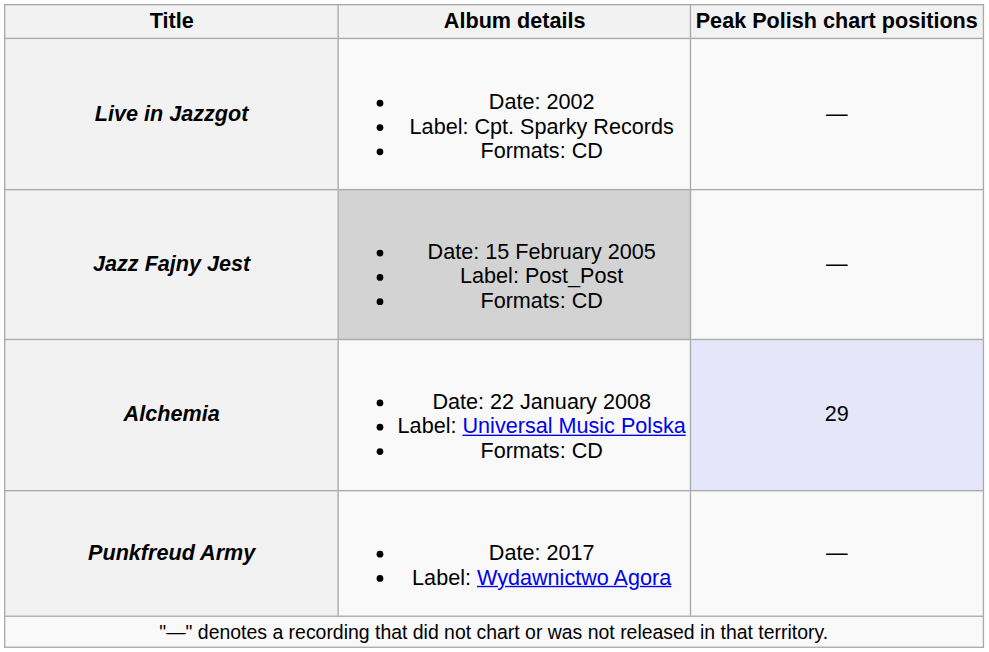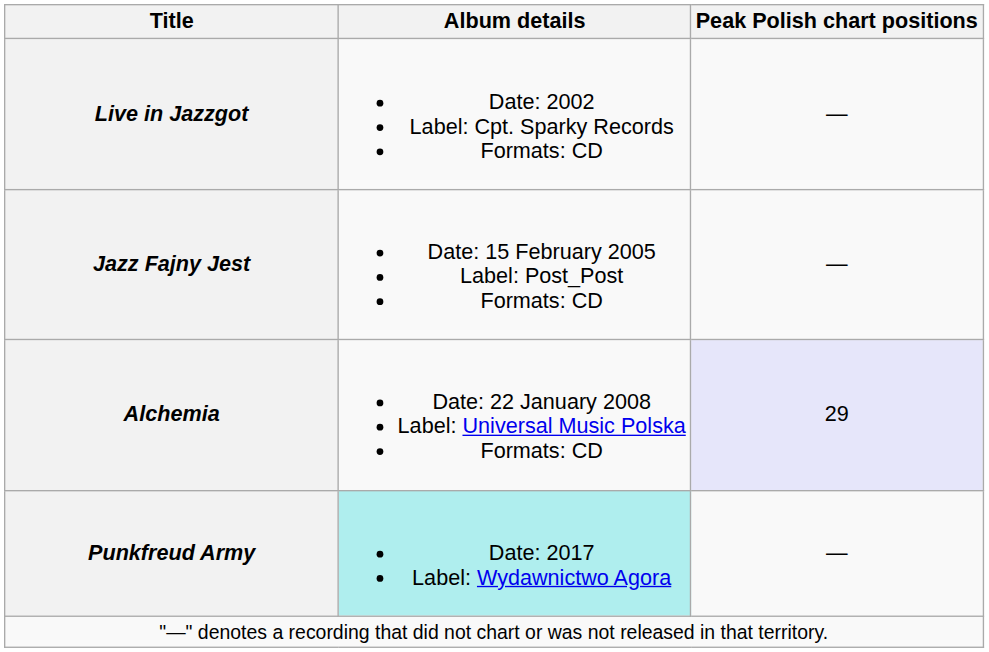 <table class="wikitable plainrowheaders" style="text-align:center;">
 <tr>
 <th scope="col" style="width:15em;">Title</th>
 <th scope="col">Album details</th>
 <th colspan="1" scope="col">Peak Polish chart positions</th>
 </tr>
 <tr>
 <th scope="row"><em>Live in Jazzgot</em></th>
 <td><br><ul><li>Date: 2002</li><li>Label: Cpt. Sparky Records</li><li>Formats: CD</li></ul></td>
 <td>—</td>
 </tr>
 <tr>
 <th scope="row"><em>Jazz Fajny Jest</em></th>
-<td style="background: lightgrey;"><br><ul><li>Date: 15 February 2005</li><li>Label: Post_Post</li><li>Formats: CD</li></ul></td>
+<td><br><ul><li>Date: 15 February 2005</li><li>Label: Post_Post</li><li>Formats: CD</li></ul></td>
 <td>—</td>
 </tr>
 <tr>
 <th scope="row"><em>Alchemia</em></th>
 <td><br><ul><li>Date: 22 January 2008</li><li>Label: <a href='#'>Universal Music Polska</a></li><li>Formats: CD</li></ul></td>
 <td style="background: lavender;">29</td>
 </tr>
 <tr>
 <th scope="row"><em>Punkfreud Army</em></th>
-<td><br><ul><li>Date: 2017</li><li>Label: <a href='#'>Wydawnictwo Agora</a></li></ul></td>
+<td style="background: paleturquoise;"><br><ul><li>Date: 2017</li><li>Label: <a href='#'>Wydawnictwo Agora</a></li></ul></td>
 <td>—</td>
 </tr>
 <tr>
 <td colspan="19" style="font-size:90%">"—" denotes a recording that did not chart or was not released in that territory.</td>
 </tr>
 </table>
